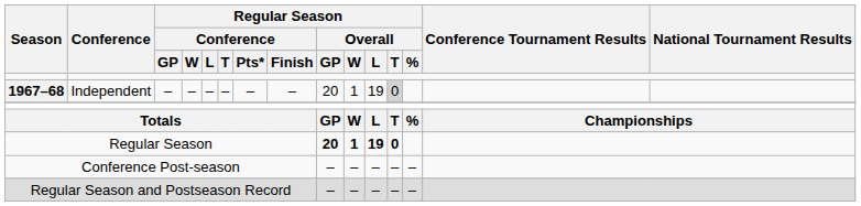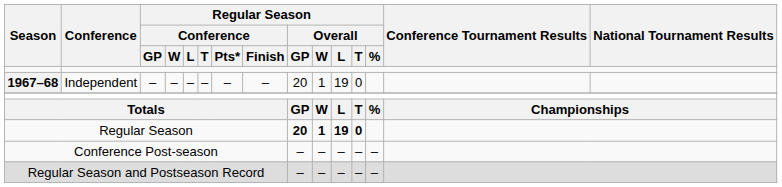 <table class="wikitable" style="text-align: center; font-size: 95%">
 <tr>
 <th rowspan="3">Season</th>
 <th rowspan="3">Conference</th>
 <th colspan="11">Regular Season</th>
 <th rowspan="3">Conference Tournament Results</th>
 <th rowspan="3">National Tournament Results</th>
 </tr>
 <tr>
 <th colspan="6">Conference</th>
 <th colspan="5">Overall</th>
 </tr>
 <tr>
 <th>GP</th>
 <th>W</th>
 <th>L</th>
 <th>T</th>
 <th>Pts*</th>
 <th>Finish</th>
 <th>GP</th>
 <th>W</th>
 <th>L</th>
 <th>T</th>
 <th>%</th>
 </tr>
 <tr>
 <td><strong> </strong></td>
 </tr>
 <tr>
 <th>1967–68</th>
 <td>Independent</td>
 <td>–</td>
 <td>–</td>
 <td>–</td>
 <td>–</td>
 <td>–</td>
 <td>–</td>
 <td>20</td>
 <td>1</td>
 <td>19</td>
-<td style="background: lightgrey;">0</td>
+<td>0</td>
 <td></td>
 <td align="left"></td>
 <td align="left"></td>
 </tr>
 <tr>
 </tr>
 <tr ->
 </tr>
 <tr>
 <td colspan="15" style="background:#fff;"></td>
 </tr>
 <tr>
 <th colspan="8">Totals</th>
 <th>GP</th>
 <th>W</th>
 <th>L</th>
 <th>T</th>
 <th>%</th>
 <th colspan="2">Championships</th>
 </tr>
 <tr>
 <td colspan="8">Regular Season</td>
 <td><strong>20</strong></td>
 <td><strong>1</strong></td>
 <td><strong>19</strong></td>
 <td><strong>0</strong></td>
 <td><strong></strong></td>
 <td colspan="2" align="left"></td>
 </tr>
 <tr>
 <td colspan="8">Conference Post-season</td>
 <td>–</td>
 <td>–</td>
 <td>–</td>
 <td>–</td>
 <td>–</td>
 <td colspan="2" align="left"></td>
 </tr>
 <tr bgcolor=dddddd>
 <td colspan="8">Regular Season and Postseason Record</td>
 <td>–</td>
 <td>–</td>
 <td>–</td>
 <td>–</td>
 <td>–</td>
 <td colspan="2" align="left"></td>
 </tr>
 </table>
